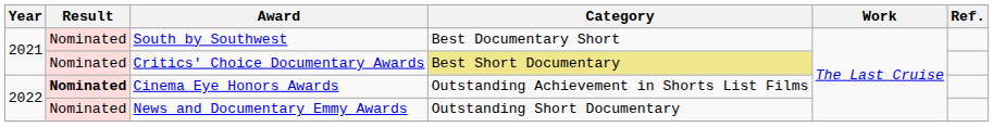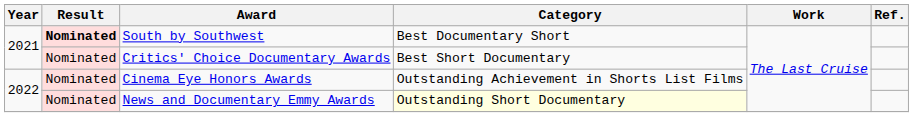 <table class="wikitable">
 <tr>
 <th>Year</th>
 <th>Result</th>
 <th>Award</th>
 <th>Category</th>
 <th>Work</th>
 <th>Ref.</th>
 </tr>
 <tr>
 <td rowspan="2">2021</td>
-<td style="background: #ffdddd">Nominated</td>
+<td style="background: #ffdddd"><strong>Nominated</strong></td>
 <td><a href='#'>South by Southwest</a></td>
 <td>Best Documentary Short</td>
 <td rowspan="4"><em><a href='#'>The Last Cruise</a></em></td>
 <td></td>
 </tr>
 <tr>
 <td style="background: #ffdddd">Nominated</td>
 <td><a href='#'>Critics' Choice Documentary Awards</a></td>
-<td style="background: khaki;">Best Short Documentary</td>
+<td>Best Short Documentary</td>
 <td></td>
 </tr>
 <tr>
 <td rowspan="2">2022</td>
-<td style="background: #ffdddd"><strong>Nominated</strong></td>
+<td style="background: #ffdddd">Nominated</td>
 <td><a href='#'>Cinema Eye Honors Awards</a></td>
 <td>Outstanding Achievement in Shorts List Films</td>
 <td></td>
 </tr>
 <tr>
 <td style="background: #ffdddd">Nominated</td>
 <td><a href='#'>News and Documentary Emmy Awards</a></td>
-<td>Outstanding Short Documentary</td>
+<td style="background: lightyellow;">Outstanding Short Documentary</td>
 <td></td>
 </tr>
 <tr>
 </tr>
 </table>
